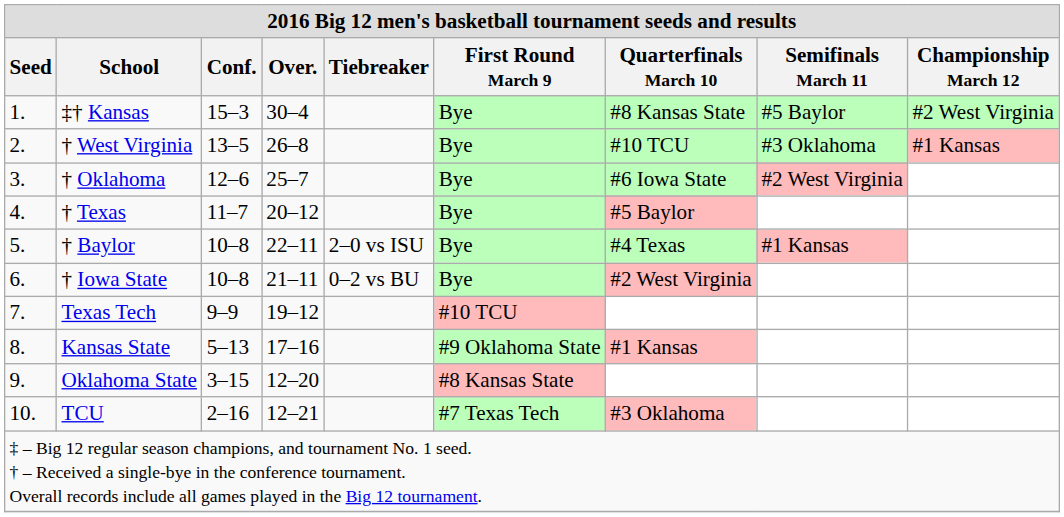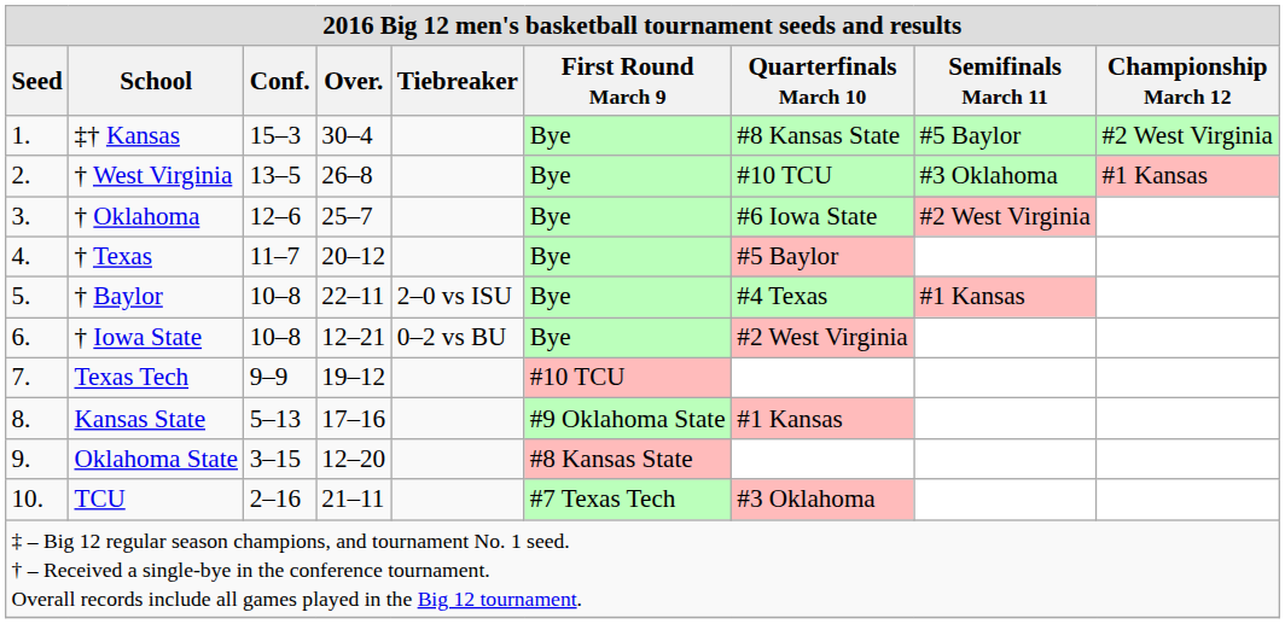 <table class="wikitable" style="white-space:nowrap; ">
 <tr>
 <td colspan="10" style="text-align:center; background:#DDDDDD; font:#000000"><strong>2016 Big 12 men's basketball tournament seeds and results</strong></td>
 </tr>
 <tr bgcolor="#efefef">
 <th>Seed</th>
 <th>School</th>
 <th>Conf.</th>
 <th>Over.</th>
 <th>Tiebreaker</th>
 <th>First Round<br><small>March 9</small></th>
 <th>Quarterfinals<br><small>March 10</small></th>
 <th>Semifinals<br><small>March 11</small></th>
 <th>Championship<br><small>March 12</small></th>
 </tr>
 <tr>
 <td>1.</td>
 <td>‡† <a href='#'>Kansas</a></td>
 <td>15–3</td>
 <td>30–4</td>
 <td></td>
 <td style="background:#bfb;">Bye</td>
 <td style="background:#bfb;">#8 Kansas State</td>
 <td style="background:#bfb;">#5 Baylor</td>
 <td style="background:#bfb;">#2 West Virginia</td>
 </tr>
 <tr>
 <td>2.</td>
 <td>† <a href='#'>West Virginia</a></td>
 <td>13–5</td>
 <td>26–8</td>
 <td></td>
 <td style="background:#bfb;">Bye</td>
 <td style="background:#bfb;">#10 TCU</td>
 <td style="background:#bfb;">#3 Oklahoma</td>
 <td style="background:#fbb;">#1 Kansas</td>
 </tr>
 <tr>
 <td>3.</td>
 <td>† <a href='#'>Oklahoma</a></td>
 <td>12–6</td>
 <td>25–7</td>
 <td></td>
 <td style="background:#bfb;">Bye</td>
 <td style="background:#bfb;">#6 Iowa State</td>
 <td style="background:#fbb;">#2 West Virginia</td>
 <td style="background:#fff;"></td>
 </tr>
 <tr>
 <td>4.</td>
 <td>† <a href='#'>Texas</a></td>
 <td>11–7</td>
 <td>20–12</td>
 <td></td>
 <td style="background:#bfb;">Bye</td>
 <td style="background:#fbb;">#5 Baylor</td>
 <td style="background:#fff;"></td>
 <td style="background:#fff;"></td>
 </tr>
 <tr>
 <td>5.</td>
 <td>† <a href='#'>Baylor</a></td>
 <td>10–8</td>
 <td>22–11</td>
 <td>2–0 vs ISU</td>
 <td style="background:#bfb;">Bye</td>
 <td style="background:#bfb;">#4 Texas</td>
 <td style="background:#fbb;">#1 Kansas</td>
 <td style="background:#fff;"></td>
 </tr>
 <tr>
 <td>6.</td>
 <td>† <a href='#'>Iowa State</a></td>
 <td>10–8</td>
-<td>21–11</td>
+<td>12–21</td>
 <td>0–2 vs BU</td>
 <td style="background:#bfb;">Bye</td>
 <td style="background:#fbb;">#2 West Virginia</td>
 <td style="background:#fff;"></td>
 <td style="background:#fff;"></td>
 </tr>
 <tr>
 <td>7.</td>
 <td><a href='#'>Texas Tech</a></td>
 <td>9–9</td>
 <td>19–12</td>
 <td></td>
 <td style="background:#fbb;">#10 TCU</td>
 <td style="background:#fff;"></td>
 <td style="background:#fff;"></td>
 <td style="background:#fff;"></td>
 </tr>
 <tr>
 <td>8.</td>
 <td><a href='#'>Kansas State</a></td>
 <td>5–13</td>
 <td>17–16</td>
 <td></td>
 <td style="background:#bfb;">#9 Oklahoma State</td>
 <td style="background:#fbb;">#1 Kansas</td>
 <td style="background:#fff;"></td>
 <td style="background:#fff;"></td>
 </tr>
 <tr>
 <td>9.</td>
 <td><a href='#'>Oklahoma State</a></td>
 <td>3–15</td>
 <td>12–20</td>
 <td></td>
 <td style="background:#fbb;">#8 Kansas State</td>
 <td style="background:#fff;"></td>
 <td style="background:#fff;"></td>
 <td style="background:#fff;"></td>
 </tr>
 <tr>
 <td>10.</td>
 <td><a href='#'>TCU</a></td>
 <td>2–16</td>
-<td>12–21</td>
+<td>21–11</td>
 <td></td>
 <td style="background:#bfb;">#7 Texas Tech</td>
 <td style="background:#fbb;">#3 Oklahoma</td>
 <td style="background:#fff;"></td>
 <td style="background:#fff;"></td>
 </tr>
 <tr>
 <td colspan="10" style="text-align:left;"><small>‡ – Big 12 regular season champions, and tournament No. 1 seed.<br>† – Received a single-bye in the conference tournament.<br>Overall records include all games played in the <a href='#'>Big 12 tournament</a>.</small></td>
 </tr>
 <tr>
 </tr>
 </table>
